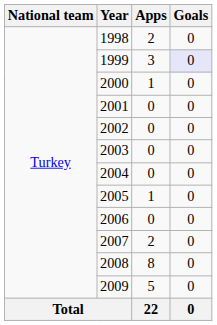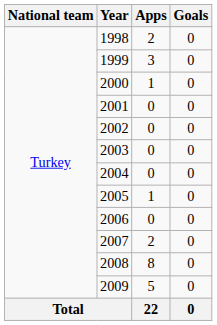 <table class="wikitable" style="text-align:center">
 <tr>
 <th>National team</th>
 <th>Year</th>
 <th>Apps</th>
 <th>Goals</th>
 </tr>
 <tr>
 <td rowspan="12"><a href='#'>Turkey</a></td>
 <td>1998</td>
 <td>2</td>
 <td>0</td>
 </tr>
 <tr>
 <td>1999</td>
 <td>3</td>
-<td style="background: lavender;">0</td>
+<td>0</td>
 </tr>
 <tr>
 <td>2000</td>
 <td>1</td>
 <td>0</td>
 </tr>
 <tr>
 <td>2001</td>
 <td>0</td>
 <td>0</td>
 </tr>
 <tr>
 <td>2002</td>
 <td>0</td>
 <td>0</td>
 </tr>
 <tr>
 <td>2003</td>
 <td>0</td>
 <td>0</td>
 </tr>
 <tr>
 <td>2004</td>
 <td>0</td>
 <td>0</td>
 </tr>
 <tr>
 <td>2005</td>
 <td>1</td>
 <td>0</td>
 </tr>
 <tr>
 <td>2006</td>
 <td>0</td>
 <td>0</td>
 </tr>
 <tr>
 <td>2007</td>
 <td>2</td>
 <td>0</td>
 </tr>
 <tr>
 <td>2008</td>
 <td>8</td>
 <td>0</td>
 </tr>
 <tr>
 <td>2009</td>
 <td>5</td>
 <td>0</td>
 </tr>
 <tr>
 <th colspan="2">Total</th>
 <th>22</th>
 <th>0</th>
 </tr>
 </table>
